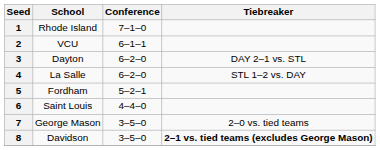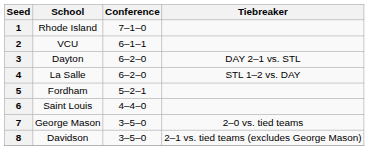 <table class="wikitable" style="text-align:center">
 <tr>
 <th>Seed</th>
 <th>School</th>
 <th>Conference</th>
 <th>Tiebreaker</th>
 </tr>
 <tr>
 <th>1</th>
 <td>Rhode Island</td>
 <td>7–1–0</td>
 <td></td>
 </tr>
 <tr>
 <th>2</th>
 <td>VCU</td>
 <td>6–1–1</td>
 <td></td>
 </tr>
 <tr>
 <th>3</th>
 <td>Dayton</td>
 <td>6–2–0</td>
 <td>DAY 2–1 vs. STL</td>
 </tr>
 <tr>
 <th>4</th>
 <td>La Salle</td>
 <td>6–2–0</td>
 <td>STL 1–2 vs. DAY</td>
 </tr>
 <tr>
 <th>5</th>
 <td>Fordham</td>
 <td>5–2–1</td>
 <td></td>
 </tr>
 <tr>
 <th>6</th>
 <td>Saint Louis</td>
 <td>4–4–0</td>
 <td></td>
 </tr>
 <tr>
 <th>7</th>
 <td>George Mason</td>
 <td>3–5–0</td>
 <td>2–0 vs. tied teams</td>
 </tr>
 <tr>
 <th>8</th>
 <td>Davidson</td>
 <td>3–5–0</td>
-<td><strong>2–1 vs. tied teams (excludes George Mason)</strong></td>
+<td>2–1 vs. tied teams (excludes George Mason)</td>
 </tr>
 <tr>
 </tr>
 </table>
